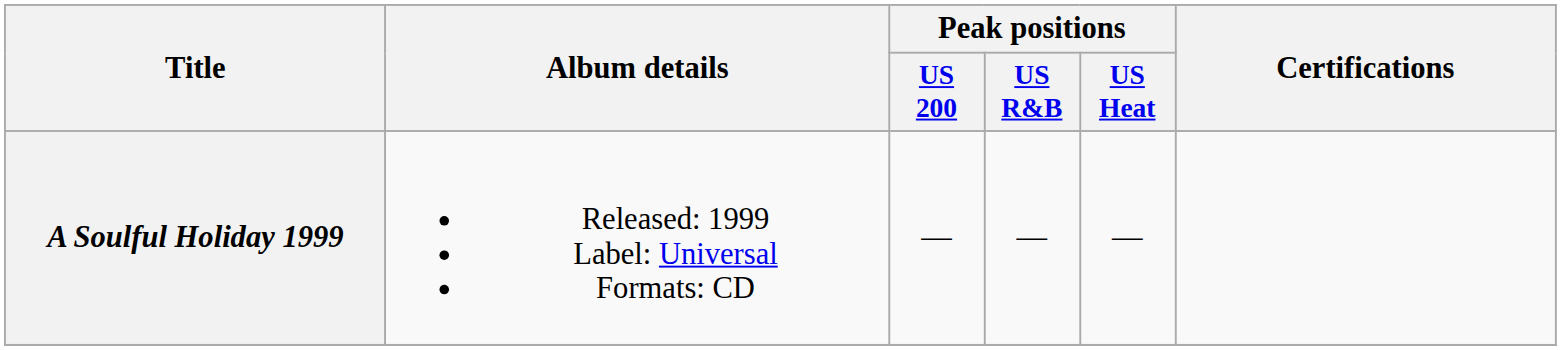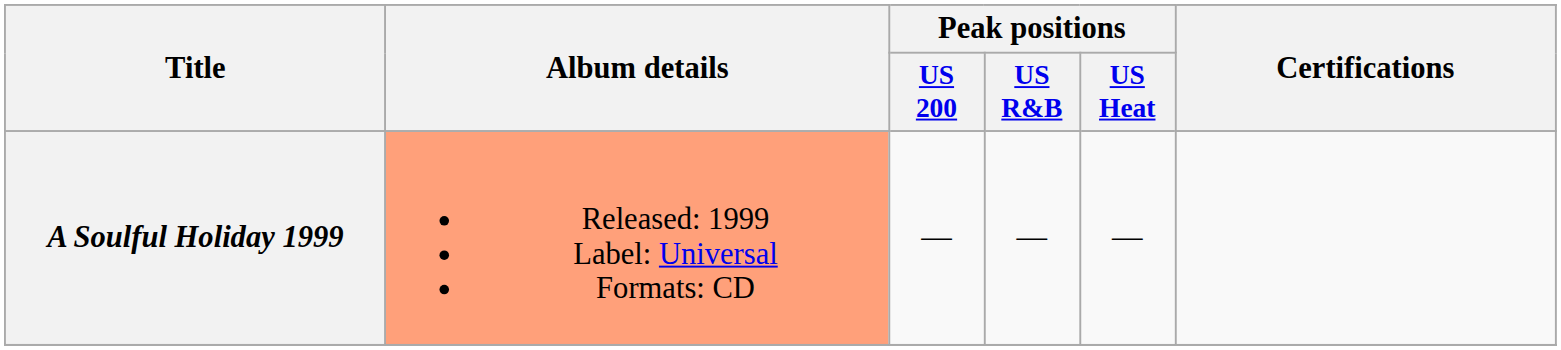 <table class="wikitable plainrowheaders" style="text-align:center;" border="1">
 <tr>
 <th scope="col" rowspan="2" style="width:12em;">Title</th>
 <th scope="col" rowspan="2" style="width:16em;">Album details</th>
 <th scope="col" colspan="3">Peak positions</th>
 <th scope="col" rowspan="2" style="width:12em;">Certifications</th>
 </tr>
 <tr>
 <th scope="col" style="width:3em;font-size:90%;"><a href='#'>US<br>200</a><br></th>
 <th scope="col" style="width:3em;font-size:90%;"><a href='#'>US<br>R&B</a><br></th>
 <th scope="col" style="width:3em;font-size:90%;"><a href='#'>US<br>Heat</a><br></th>
 </tr>
 <tr>
 <th scope="row"><em>A Soulful Holiday 1999</em></th>
-<td><br><ul><li>Released: 1999</li><li>Label: <a href='#'>Universal</a></li><li>Formats: CD</li></ul></td>
+<td style="background: lightsalmon;"><br><ul><li>Released: 1999</li><li>Label: <a href='#'>Universal</a></li><li>Formats: CD</li></ul></td>
 <td>—</td>
 <td>—</td>
 <td>—</td>
 <td></td>
 </tr>
 <tr>
 </tr>
 </table>
